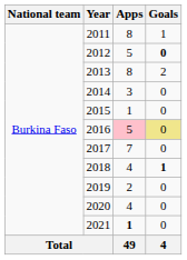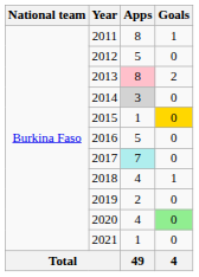 <table class="wikitable" style="text-align:center">
 <tr>
 <th>National team</th>
 <th>Year</th>
 <th>Apps</th>
 <th>Goals</th>
 </tr>
 <tr>
 <td rowspan="11"><a href='#'>Burkina Faso</a></td>
 <td>2011</td>
 <td>8</td>
 <td>1</td>
 </tr>
 <tr>
 <td>2012</td>
 <td>5</td>
-<td><strong>0</strong></td>
+<td>0</td>
 </tr>
 <tr>
 <td>2013</td>
-<td>8</td>
+<td style="background: pink;">8</td>
 <td>2</td>
 </tr>
 <tr>
 <td>2014</td>
-<td>3</td>
+<td style="background: lightgrey;">3</td>
 <td>0</td>
 </tr>
 <tr>
 <td>2015</td>
 <td>1</td>
+<td style="background: gold;">0</td>
+</tr>
+<tr>
+<td>2016</td>
+<td>5</td>
 <td>0</td>
 </tr>
 <tr>
-<td>2016</td>
-<td style="background: pink;">5</td>
-<td style="background: khaki;">0</td>
-</tr>
-<tr>
 <td>2017</td>
-<td>7</td>
+<td style="background: paleturquoise;">7</td>
 <td>0</td>
 </tr>
 <tr>
 <td>2018</td>
 <td>4</td>
-<td><strong>1</strong></td>
+<td>1</td>
 </tr>
 <tr>
 <td>2019</td>
 <td>2</td>
 <td>0</td>
 </tr>
 <tr>
 <td>2020</td>
 <td>4</td>
-<td>0</td>
+<td style="background: lightgreen;">0</td>
 </tr>
 <tr>
 <td>2021</td>
-<td><strong>1</strong></td>
+<td>1</td>
 <td>0</td>
 </tr>
 <tr>
 <th colspan="2">Total</th>
 <th>49</th>
 <th>4</th>
 </tr>
 </table>
